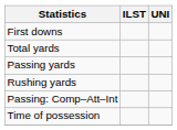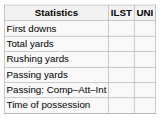 <table class="wikitable" style="float: left;">
 <tr>
 <th>Statistics</th>
 <th>ILST</th>
 <th>UNI</th>
 </tr>
 <tr>
 <td>First downs</td>
 <td></td>
 <td></td>
 </tr>
 <tr>
 <td>Total yards</td>
 <td></td>
 <td></td>
 </tr>
 <tr>
-<td>Passing yards</td>
+<td>Rushing yards</td>
 <td></td>
 <td></td>
 </tr>
 <tr>
-<td>Rushing yards</td>
+<td>Passing yards</td>
 <td></td>
 <td></td>
 </tr>
 <tr>
 <td>Passing: Comp–Att–Int</td>
 <td></td>
 <td></td>
 </tr>
 <tr>
 <td>Time of possession</td>
 <td></td>
 <td></td>
 </tr>
 <tr>
 </tr>
 </table>
